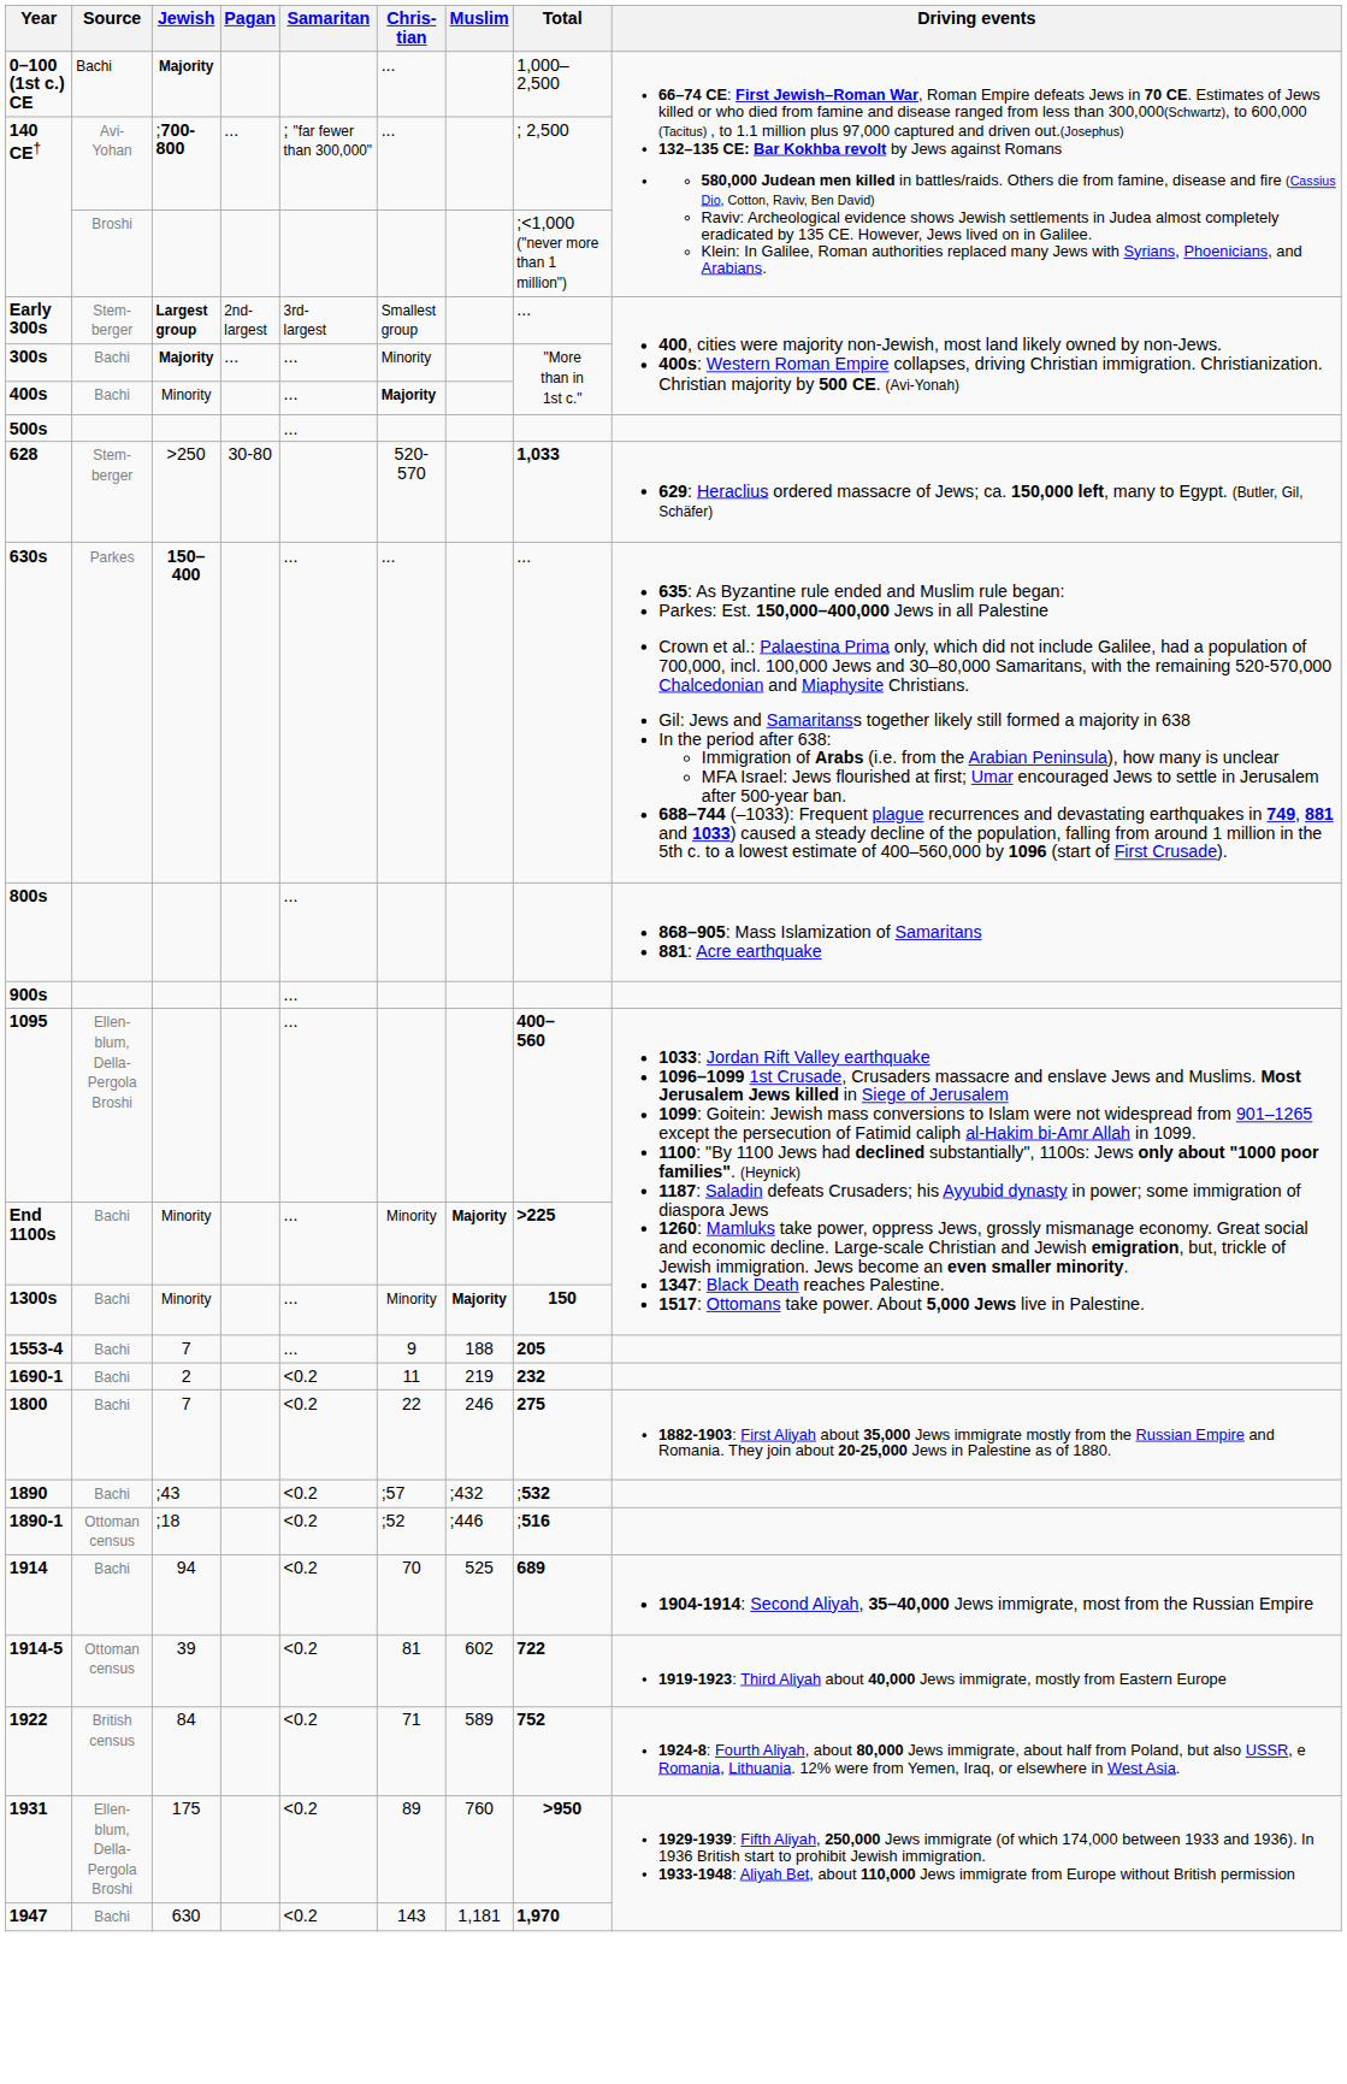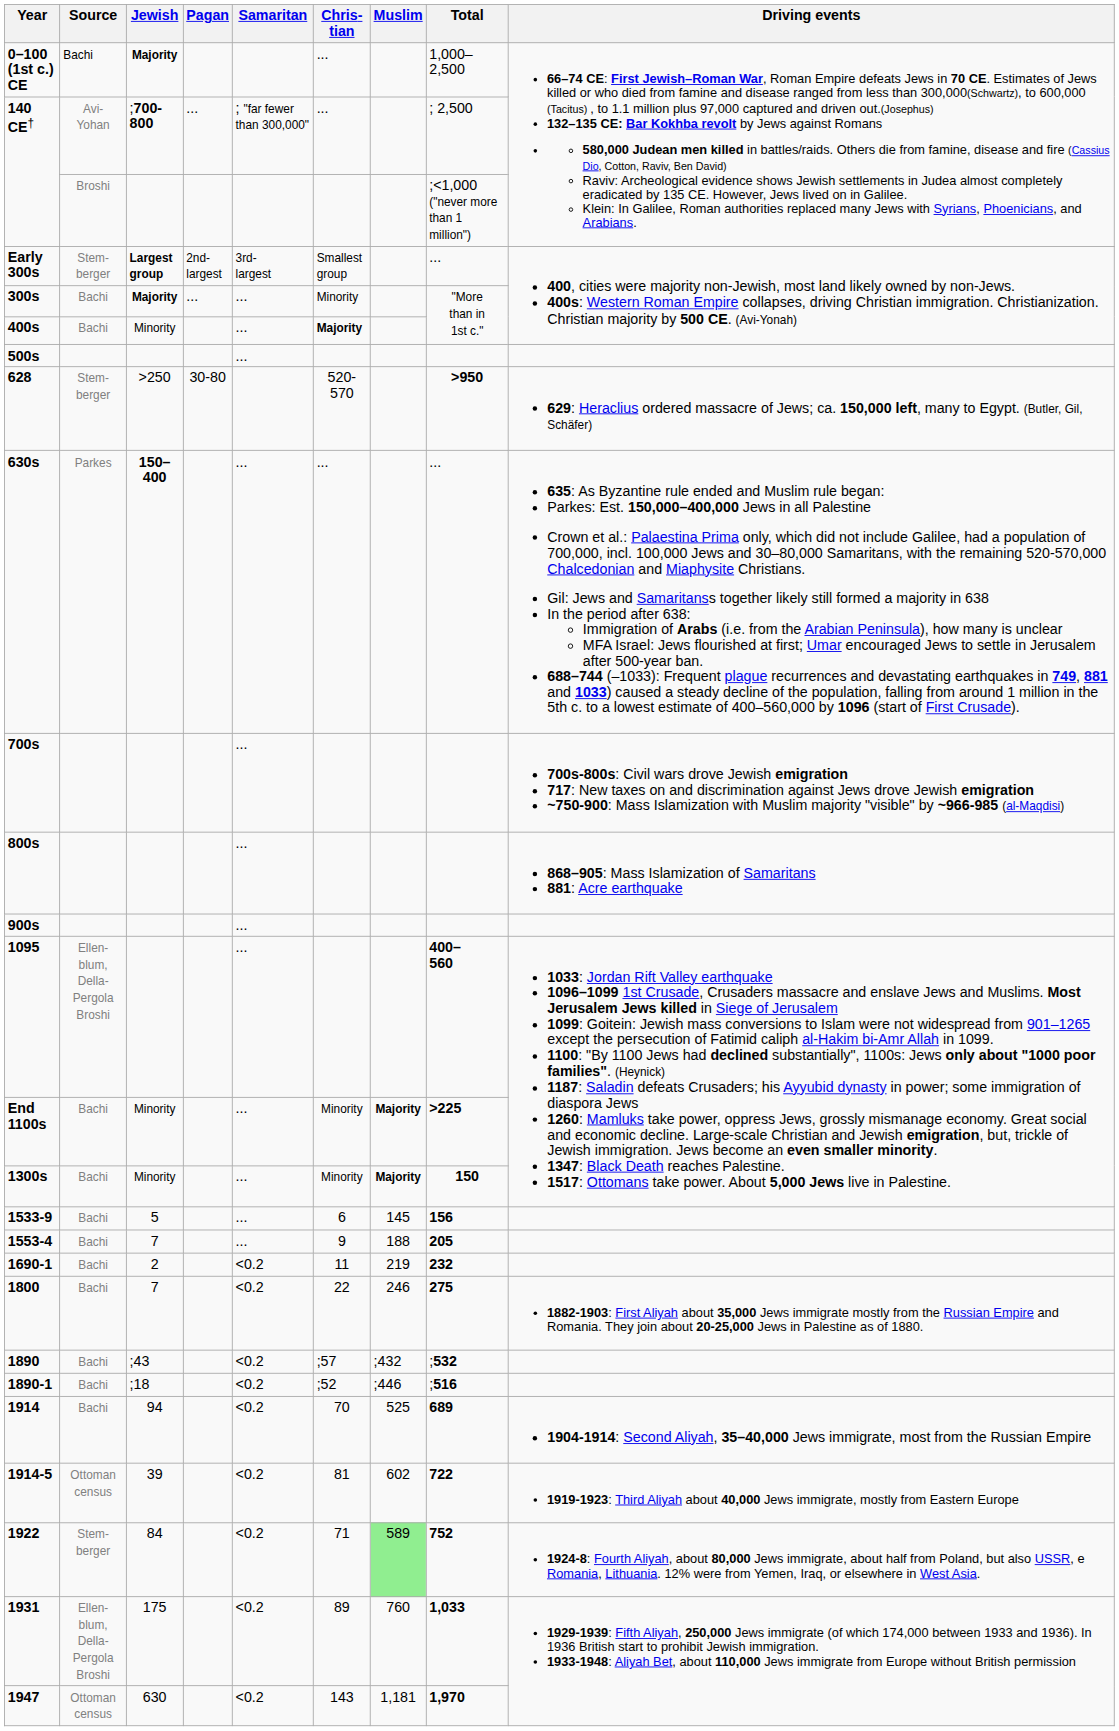 <table class="wikitable sortable sort-under">
 <tr>
 <th style="vertical-align:top;">Year</th>
 <th style="vertical-align:top;">Source</th>
 <th style="vertical-align:top;"><a href='#'>Jewish</a><br></th>
 <th style="vertical-align:top;"><a href='#'>Pagan</a></th>
 <th style="vertical-align:top;"><a href='#'>Samar­itan</a></th>
 <th style="vertical-align:top;"><a href='#'>Chris­tian</a><br></th>
 <th style="vertical-align:top;"><a href='#'>Muslim</a><br> </th>
 <th style="vertical-align:top;">Total</th>
 <th style="vertical-align:top;">Driving events</th>
 </tr>
 <tr style="vertical-align:top;line-height:1.1em">
 <td><strong>0–100<br>(1st c.) CE</strong></td>
 <td><small>Bachi</small></td>
 <td style="text-align:center;"><small><strong>Majority</strong></small><br></td>
 <td></td>
 <td></td>
 <td>...<br></td>
 <td><br></td>
 <td>1,000–<br>2,500<br><br></td>
 <td rowspan=3 style="font-size:0.9em;line-height:1.1em"><br><ul><li><strong>66–74 CE</strong>: <strong><a href='#'>First Jewish–Roman War</a></strong>, Roman Empire defeats Jews in <strong>70 CE</strong>. Estimates of Jews killed or who died from famine and disease ranged from less than 300,000<small>(Schwartz)</small>, to 600,000 <small>(Tacitus) </small>, to 1.1 million plus 97,000 captured and driven out.<small>(Josephus)</small></li><li><strong>132–135 CE: <a href='#'>Bar Kokhba revolt</a></strong> by Jews against Romans</li></ul><ul><li><ul><li><strong>580,000 Judean men killed</strong> in battles/raids. Others die from famine, disease and fire <small>(<a href='#'>Cassius Dio</a>, Cotton, Raviv, Ben David)</small></li><li>Raviv: Archeological evidence shows Jewish settlements in Judea almost completely eradicated by 135 CE. However, Jews lived on in Galilee.</li><li><span>Klein:</span> In Galilee, Roman authorities replaced many Jews with <a href='#'>Syrians</a>, <a href='#'>Phoenicians</a>, and <a href='#'>Arabians</a>.</li></ul></li></ul></td>
 </tr>
 <tr style="vertical-align:top; line-height:1.1em;" >
 <td rowspan = 2><strong>140 CE</strong><sup>†</sup></td>
 <td style="text-align:center;color:grey;"><small>Avi-<br>Yohan<br></small></td>
 <td>;<strong>700-800</strong><br></td>
 <td>...</td>
 <td> ; <small>"far fewer than 300,000"</small></td>
 <td>...<br></td>
 <td><br></td>
 <td> ; 2,500</td>
 </tr>
 <tr style="vertical-align:top; line-height:1.1em;">
 <td style="text-align:center;color:grey;"><small>Broshi<br></small></td>
 <td><br></td>
 <td></td>
 <td> </td>
 <td><br></td>
 <td><br></td>
 <td>;<1,000<br><small>("never more than 1 million")</small></td>
 </tr>
 <tr style="vertical-align:top; line-height:1.1em">
 <td><strong>Early 300s</strong></td>
 <td style="text-align:center;color:grey;"><small>Stem-<br>berger<br></small></td>
 <td><small><strong>Largest<br>group</strong></small><br></td>
 <td><small>2nd-<br>largest</small></td>
 <td><small>3rd-<br>largest</small></td>
 <td><small>Smallest<br>group</small><br></td>
 <td><br></td>
 <td>...</td>
 <td rowspan = 3><br><ul><li><strong>400</strong>, cities were majority non-Jewish, most land likely owned by non-Jews.</li><li><strong>400s</strong>: <a href='#'>Western Roman Empire</a> collapses, driving Christian immigration. Christianization. Christian majority by <strong>500 CE</strong>. <small>(Avi-Yonah)</small></li></ul></td>
 </tr>
 <tr style="vertical-align:top;line-height:1.1em">
 <td><strong>300s</strong></td>
 <td style="text-align:center;color:grey;"><small>Bachi</small></td>
 <td style="text-align:center;"><small><strong>Majority</strong></small><br></td>
 <td>...</td>
 <td>...</td>
 <td><small>Minority</small><br></td>
 <td><br></td>
 <td rowspan = 2 style="text-align:center;"><small>"More<br>than in<br>1st c."<br></small></td>
 </tr>
 <tr style="vertical-align:top;line-height:1.1em">
 <td><strong>400s</strong></td>
 <td style="text-align:center;color:grey;"><small>Bachi</small></td>
 <td style="text-align:center;"><small>Minority</small><br></td>
 <td></td>
 <td>...</td>
 <td><small><strong>Majority</strong></small><br></td>
 <td><br> </td>
 </tr>
 <tr style="vertical-align:top;line-height:1.1em">
 <td><strong>500s</strong></td>
 <td style="text-align:center;color:grey;"></td>
 <td style="text-align:center;"><br></td>
 <td></td>
 <td>...</td>
 <td><br></td>
 <td><br></td>
 <td></td>
 <td></td>
 </tr>
 <tr style="vertical-align:top;line-height:1.1em">
 <td><strong>628</strong></td>
 <td style="text-align:center;color:grey;"><small>Stem-<br>berger<br></small></td>
 <td style="text-align:center;">>250<br></td>
 <td style="text-align:center;">30-80</td>
 <td></td>
 <td style="text-align:center;">520-570</td>
 <td></td>
-<td><strong>1,033</strong><br></td>
+<td style="text-align:center;"><strong>>950</strong></td>
 <td><br><ul><li><strong>629</strong>: <a href='#'>Heraclius</a> ordered massacre of Jews; ca. <strong>150,000 left</strong>, many to Egypt. <small>(Butler, Gil, Schäfer)</small></li></ul></td>
 </tr>
 <tr style="vertical-align:top;line-height:1.1em">
 <td><strong>630s</strong></td>
 <td style="text-align:center;color:grey;"><small>Parkes</small></td>
 <td style="text-align:center;"><strong>150–<br>400</strong><br></td>
 <td></td>
 <td>...</td>
 <td>...<br></td>
 <td><br></td>
 <td>...</td>
 <td><br><ul><li><strong>635</strong>: As Byzantine rule ended and Muslim rule began:</li><li>Parkes:  Est. <strong>150,000–400,000</strong> Jews in all Palestine</li></ul><ul><li>Crown et al.: <a href='#'>Palaestina Prima</a> only, which did not include Galilee, had a population of 700,000, incl. 100,000 Jews and 30–80,000 Samaritans, with the remaining 520-570,000 <a href='#'>Chalcedonian</a> and <a href='#'>Miaphysite</a> Christians.</li></ul><ul><li>Gil: Jews and <a href='#'>Samaritans</a>s together likely still formed a majority in 638</li><li>In the period after 638:<ul><li>Immigration of <strong>Arabs</strong> (i.e. from the <a href='#'>Arabian Peninsula</a>), how many is unclear</li><li>MFA Israel: Jews flourished at first; <a href='#'>Umar</a> encouraged Jews to settle in Jerusalem after 500-year ban.</li></ul></li><li><strong>688–744</strong> (–1033): Frequent <a href='#'>plague</a> recurrences and devastating earthquakes in <a href='#'><strong>749</strong></a>, <a href='#'><strong>881</strong></a> and <a href='#'><strong>1033</strong></a>) caused a steady decline of the population, falling from around 1 million in the 5th c. to a lowest estimate of 400–560,000 by <strong>1096</strong> (start of <a href='#'>First Crusade</a>).</li></ul></td>
+</tr>
+<tr style="vertical-align:top;line-height:1.1em">
+<td><strong>700s</strong></td>
+<td style="text-align:center;color:grey;"></td>
+<td style="text-align:center;"><br></td>
+<td></td>
+<td>...</td>
+<td><br></td>
+<td><br></td>
+<td></td>
+<td><br><ul><li><strong>700s-800s</strong>: Civil wars drove Jewish <strong>emigration</strong></li><li><strong>717</strong>: New taxes on and discrimination against Jews drove Jewish <strong>emigration</strong></li><li><strong>~750-900</strong>: Mass Islamization with Muslim majority "visible" by <strong>~966-985</strong> <small>(<a href='#'>al-Maqdisi</a>)</small></li></ul></td>
 </tr>
 <tr style="vertical-align:top;line-height:1.1em">
 <td><strong>800s</strong></td>
 <td style="text-align:center;color:grey;"></td>
 <td style="text-align:center;"><br></td>
 <td></td>
 <td>...</td>
 <td><br></td>
 <td><br></td>
 <td></td>
 <td><br><ul><li><strong>868–905</strong>: Mass Islamization of <a href='#'>Samaritans</a></li><li><strong>881</strong>: <a href='#'>Acre earthquake</a></li></ul></td>
 </tr>
 <tr style="vertical-align:top;line-height:1.1em">
 <td><strong>900s</strong></td>
 <td style="text-align:center;color:grey;"></td>
 <td style="text-align:center;"><br></td>
 <td></td>
 <td>...</td>
 <td><br></td>
 <td><br></td>
 <td></td>
 <td></td>
 </tr>
 <tr style="vertical-align:top;line-height:1.1em">
 <td><strong>1095</strong></td>
 <td style="text-align:center;color:grey;"><small>Ellen-<br>blum, Della-<br>Pergola<br>Broshi</small></td>
 <td style="text-align:center;"><br></td>
 <td></td>
 <td>...</td>
 <td style="text-align:center;"><br></td>
 <td style="text-align:center;"><br></td>
 <td><strong>400–<br>560</strong><br></td>
 <td rowspan=3><br><ul><li><strong>1033</strong>: <a href='#'>Jordan Rift Valley earthquake</a></li><li><strong>1096–1099</strong> <a href='#'>1st Crusade</a>, Crusaders massacre and enslave Jews and Muslims. <strong>Most Jerusalem Jews killed</strong> in <a href='#'>Siege of Jerusalem</a></li><li><strong>1099</strong>: Goitein: Jewish mass conversions to Islam were not widespread from <a href='#'>901–1265</a> except the persecution of Fatimid caliph <a href='#'>al-Hakim bi-Amr Allah</a> in 1099.</li><li><strong>1100</strong>: "By 1100 Jews had <strong>declined</strong> substantially", 1100s: Jews <strong>only about "1000 poor families"</strong>. <small>(Heynick)</small></li><li><strong>1187</strong>: <a href='#'>Saladin</a> defeats Crusaders; his <a href='#'>Ayyubid dynasty</a> in power; some immigration of diaspora Jews</li><li><strong>1260</strong>: <a href='#'>Mamluks</a> take power, oppress Jews, grossly mismanage economy. Great social and economic decline. Large-scale Christian and Jewish <strong>emigration</strong>, but, trickle of Jewish immigration. Jews become an <strong>even smaller minority</strong>.</li><li><strong>1347</strong>: <a href='#'>Black Death</a> reaches Palestine.</li><li><strong>1517</strong>: <a href='#'>Ottomans</a> take power. About <strong>5,000 Jews</strong> live in Palestine.</li></ul></td>
 </tr>
 <tr style="vertical-align:top;line-height:1.1em">
 <td><strong>End<br>1100s</strong></td>
 <td style="text-align:center;color:grey;"><small>Bachi</small></td>
 <td style="text-align:center;"><small>Minority</small><br></td>
 <td></td>
 <td>...</td>
 <td style="text-align:center;"><small>Minority</small><br></td>
 <td style="text-align:center;"><small><strong>Majority</strong></small><br></td>
 <td><strong>>225</strong><br></td>
 </tr>
 <tr style="vertical-align:top;line-height:1.1em">
 <td><strong>1300s</strong></td>
 <td style="text-align:center;color:grey;"><small>Bachi</small></td>
 <td style="text-align:center;"><small>Minority</small><br></td>
 <td></td>
 <td>...</td>
 <td style="text-align:center;"><small>Minority</small><br></td>
 <td style="text-align:center;"><small><strong>Majority</strong></small><br></td>
 <td style="text-align:center;"><strong>150</strong></td>
 </tr>
 <tr style="vertical-align:top;line-height:1.1em">
+<td><strong>1533-9</strong></td>
+<td style="text-align:center;color:grey;"><small>Bachi</small></td>
+<td style="text-align:center;">5<br></td>
+<td></td>
+<td>...</td>
+<td style="text-align:center;">6<br></td>
+<td style="text-align:center;">145<br></td>
+<td><strong>156</strong></td>
+<td></td>
+</tr>
+<tr style="vertical-align:top;line-height:1.1em">
 <td><strong>1553-4</strong></td>
 <td style="text-align:center;color:grey;"><small>Bachi</small></td>
 <td style="text-align:center;">7<br></td>
 <td></td>
 <td>...</td>
 <td style="text-align:center;">9<br></td>
 <td style="text-align:center;">188<br></td>
 <td><strong>205</strong></td>
 <td></td>
 </tr>
 <tr style="vertical-align:top;line-height:1.1em">
 <td><strong>1690-1</strong></td>
 <td style="text-align:center;color:grey;"><small>Bachi</small></td>
 <td style="text-align:center;">2<br></td>
 <td></td>
 <td><0.2</td>
 <td style="text-align:center;">11<br></td>
 <td style="text-align:center;">219<br></td>
 <td><strong>232</strong></td>
 <td></td>
 </tr>
 <tr style="vertical-align:top;line-height:1.1em">
 <td><strong>1800</strong></td>
 <td style="text-align:center;color:grey;"><small>Bachi</small></td>
 <td style="text-align:center;">7<br></td>
 <td></td>
 <td><0.2</td>
 <td style="text-align:center;">22<br></td>
 <td style="text-align:center;">246<br></td>
 <td><strong>275</strong><br></td>
 <td style="font-size:0.9em;line-height:1.1em"><br><ul><li><strong>1882-1903</strong>: <a href='#'>First Aliyah</a> about <strong>35,000</strong> Jews immigrate mostly from the <a href='#'>Russian Empire</a> and Romania. They join about <strong>20-25,000</strong> Jews in Palestine as of 1880.</li></ul></td>
 </tr>
 <tr style="vertical-align:top;line-height:1.1em;border-bottom:none;">
 <td><strong>1890</strong></td>
 <td style="text-align:center;color:grey;"><small>Bachi</small></td>
 <td>;43<br></td>
 <td></td>
 <td><0.2</td>
 <td>;57<br></td>
 <td>;432<br></td>
 <td>;<strong>532</strong></td>
 <td></td>
 </tr>
 <tr style="vertical-align:top;line-height:1.1em">
 <td><strong>1890-1</strong></td>
-<td style="text-align:center;color:grey;"><small>Ottoman census</small></td>
+<td style="text-align:center;color:grey;"><small>Bachi</small></td>
 <td>;18<br></td>
 <td></td>
 <td><0.2</td>
 <td>;52<br></td>
 <td>;446<br></td>
 <td>;<strong>516</strong><br></td>
 <td style="font-size:0.9em;line-height:1.1em"></td>
 </tr>
 <tr style="vertical-align:top;line-height:1.1em">
 <td><strong>1914</strong></td>
 <td style="text-align:center;color:grey;"><small>Bachi</small></td>
 <td style="text-align:center;">94<br></td>
 <td></td>
 <td><0.2</td>
 <td style="text-align:center;">70<br></td>
 <td style="text-align:center;">525<br></td>
 <td><strong>689</strong></td>
 <td><br><ul><li><strong>1904-1914</strong>: <a href='#'>Second Aliyah</a>, <strong>35–40,000</strong> Jews immigrate, most from the Russian Empire</li></ul></td>
 </tr>
 <tr style="vertical-align:top;line-height:1.1em">
 <td><strong>1914-5</strong></td>
 <td style="text-align:center;color:grey;"><small>Ottoman census</small></td>
 <td style="text-align:center;">39<br></td>
 <td></td>
 <td><0.2</td>
 <td style="text-align:center;">81<br></td>
 <td style="text-align:center;">602<br></td>
 <td><strong>722</strong><br></td>
 <td style="font-size:0.9em;line-height:1.1em"><br><ul><li><strong>1919-1923</strong>: <a href='#'>Third Aliyah</a> about <strong>40,000</strong> Jews immigrate, mostly from Eastern Europe</li></ul></td>
 </tr>
 <tr style="vertical-align:top;line-height:1.1em">
 <td><strong>1922</strong></td>
-<td style="text-align:center;color:grey;"><small>British census</small></td>
+<td style="text-align:center;color:grey;"><small>Stem-<br>berger<br></small></td>
 <td style="text-align:center;">84<br></td>
 <td></td>
 <td><0.2</td>
 <td style="text-align:center;">71<br></td>
-<td style="text-align:center;">589<br></td>
+<td style="background: lightgreen; text-align:center;">589<br></td>
 <td><strong>752</strong><br></td>
 <td style="font-size:0.9em;line-height:1.1em"><br><ul><li><strong>1924-8</strong>: <a href='#'>Fourth Aliyah</a>, about <strong>80,000</strong> Jews immigrate, about half from Poland, but also <a href='#'>USSR</a>, e <a href='#'>Romania</a>, <a href='#'>Lithuania</a>. 12% were from Yemen, Iraq, or elsewhere in <a href='#'>West Asia</a>.</li></ul></td>
 </tr>
 <tr style="vertical-align:top;line-height:1.1em">
 <td><strong>1931</strong></td>
 <td style="text-align:center;color:grey;"><small>Ellen-<br>blum, Della-<br>Pergola<br>Broshi</small></td>
 <td style="text-align:center;">175<br></td>
 <td></td>
 <td><0.2</td>
 <td style="text-align:center;">89<br></td>
 <td style="text-align:center;">760<br></td>
-<td style="text-align:center;"><strong>>950</strong></td>
+<td><strong>1,033</strong><br></td>
 <td rowspan=2 style="font-size:0.9em;line-height:1.1em"><br><ul><li><strong>1929-1939</strong>: <a href='#'>Fifth Aliyah</a>, <strong>250,000</strong> Jews immigrate (of which 174,000 between 1933 and 1936). In 1936 British start to prohibit Jewish immigration.</li><li><strong>1933-1948</strong>: <a href='#'>Aliyah Bet</a>, about <strong>110,000</strong> Jews immigrate from Europe without British permission</li></ul></td>
 </tr>
 <tr style="vertical-align:top;line-height:1.1em">
 <td><strong>1947</strong></td>
-<td style="text-align:center;color:grey;"><small>Bachi</small></td>
+<td style="text-align:center;color:grey;"><small>Ottoman census</small></td>
 <td style="text-align:center;">630<br></td>
 <td></td>
 <td><0.2</td>
 <td style="text-align:center;">143<br></td>
 <td style="text-align:center;">1,181<br></td>
 <td><strong>1,970</strong></td>
 </tr>
 </table>
